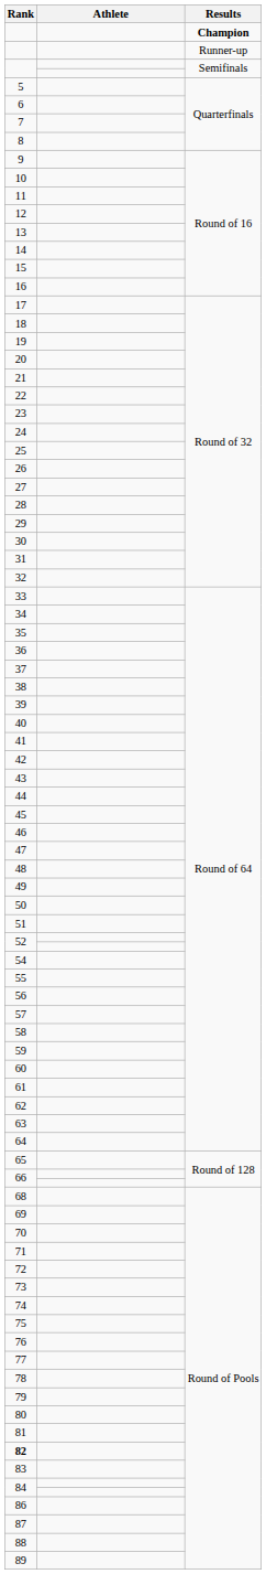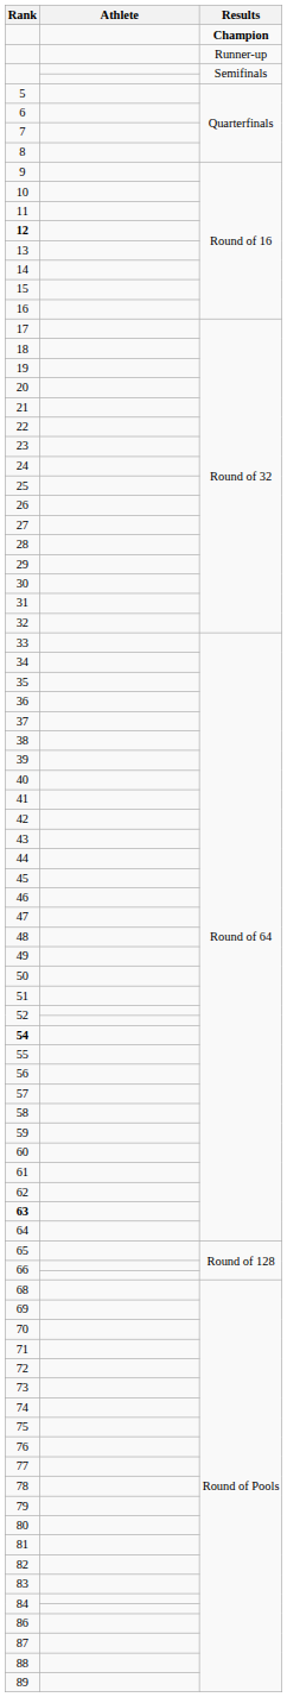 <table class="wikitable" style="text-align:center">
 <tr>
 <th width="25">Rank</th>
 <th width="200">Athlete</th>
 <th width="100">Results</th>
 </tr>
 <tr>
 <td></td>
 <td align="left"><strong></strong></td>
 <td><strong>Champion</strong></td>
 </tr>
 <tr>
 <td></td>
 <td align="left"></td>
 <td>Runner-up</td>
 </tr>
 <tr>
 <td rowspan="2"></td>
 <td align="left"></td>
 <td rowspan="2">Semifinals</td>
 </tr>
 <tr>
 <td align="left"></td>
 </tr>
 <tr>
 <td>5</td>
 <td align="left"></td>
 <td rowspan="4">Quarterfinals</td>
 </tr>
 <tr>
 <td>6</td>
 <td align="left"></td>
 </tr>
 <tr>
 <td>7</td>
 <td align="left"></td>
 </tr>
 <tr>
 <td>8</td>
 <td align="left"></td>
 </tr>
 <tr>
 <td>9</td>
 <td align="left"></td>
 <td rowspan="8">Round of 16</td>
 </tr>
 <tr>
 <td>10</td>
 <td align="left"></td>
 </tr>
 <tr>
 <td>11</td>
 <td align="left"></td>
 </tr>
 <tr>
-<td>12</td>
+<td><strong>12</strong></td>
 <td align="left"></td>
 </tr>
 <tr>
 <td>13</td>
 <td align="left"></td>
 </tr>
 <tr>
 <td>14</td>
 <td align="left"></td>
 </tr>
 <tr>
 <td>15</td>
 <td align="left"></td>
 </tr>
 <tr>
 <td>16</td>
 <td align="left"></td>
 </tr>
 <tr>
 <td>17</td>
 <td align="left"></td>
 <td rowspan="16">Round of 32</td>
 </tr>
 <tr>
 <td>18</td>
 <td align="left"></td>
 </tr>
 <tr>
 <td>19</td>
 <td align="left"></td>
 </tr>
 <tr>
 <td>20</td>
 <td align="left"></td>
 </tr>
 <tr>
 <td>21</td>
 <td align="left"></td>
 </tr>
 <tr>
 <td>22</td>
 <td align="left"></td>
 </tr>
 <tr>
 <td>23</td>
 <td align="left"></td>
 </tr>
 <tr>
 <td>24</td>
 <td align="left"></td>
 </tr>
 <tr>
 <td>25</td>
 <td align="left"></td>
 </tr>
 <tr>
 <td>26</td>
 <td align="left"></td>
 </tr>
 <tr>
 <td>27</td>
 <td align="left"></td>
 </tr>
 <tr>
 <td>28</td>
 <td align="left"></td>
 </tr>
 <tr>
 <td>29</td>
 <td align="left"></td>
 </tr>
 <tr>
 <td>30</td>
 <td align="left"></td>
 </tr>
 <tr>
 <td>31</td>
 <td align="left"></td>
 </tr>
 <tr>
 <td>32</td>
 <td align="left"></td>
 </tr>
 <tr>
 <td>33</td>
 <td align="left"></td>
 <td rowspan="32">Round of 64</td>
 </tr>
 <tr>
 <td>34</td>
 <td align="left"></td>
 </tr>
 <tr>
 <td>35</td>
 <td align="left"></td>
 </tr>
 <tr>
 <td>36</td>
 <td align="left"></td>
 </tr>
 <tr>
 <td>37</td>
 <td align="left"></td>
 </tr>
 <tr>
 <td>38</td>
 <td align="left"></td>
 </tr>
 <tr>
 <td>39</td>
 <td align="left"></td>
 </tr>
 <tr>
 <td>40</td>
 <td align="left"></td>
 </tr>
 <tr>
 <td>41</td>
 <td align="left"></td>
 </tr>
 <tr>
 <td>42</td>
 <td align="left"></td>
 </tr>
 <tr>
 <td>43</td>
 <td align="left"></td>
 </tr>
 <tr>
 <td>44</td>
 <td align="left"></td>
 </tr>
 <tr>
 <td>45</td>
 <td align="left"></td>
 </tr>
 <tr>
 <td>46</td>
 <td align="left"></td>
 </tr>
 <tr>
 <td>47</td>
 <td align="left"></td>
 </tr>
 <tr>
 <td>48</td>
 <td align="left"></td>
 </tr>
 <tr>
 <td>49</td>
 <td align="left"></td>
 </tr>
 <tr>
 <td>50</td>
 <td align="left"></td>
 </tr>
 <tr>
 <td>51</td>
 <td align="left"></td>
 </tr>
 <tr>
 <td rowspan="2">52</td>
 <td align="left"></td>
 </tr>
 <tr>
 <td align="left"></td>
 </tr>
 <tr>
-<td>54</td>
+<td><strong>54</strong></td>
 <td align="left"></td>
 </tr>
 <tr>
 <td>55</td>
 <td align="left"></td>
 </tr>
 <tr>
 <td>56</td>
 <td align="left"></td>
 </tr>
 <tr>
 <td>57</td>
 <td align="left"></td>
 </tr>
 <tr>
 <td>58</td>
 <td align="left"></td>
 </tr>
 <tr>
 <td>59</td>
 <td align="left"></td>
 </tr>
 <tr>
 <td>60</td>
 <td align="left"></td>
 </tr>
 <tr>
 <td>61</td>
 <td align="left"></td>
 </tr>
 <tr>
 <td>62</td>
 <td align="left"></td>
 </tr>
 <tr>
-<td>63</td>
+<td><strong>63</strong></td>
 <td align="left"></td>
 </tr>
 <tr>
 <td>64</td>
 <td align="left"></td>
 </tr>
 <tr>
 <td>65</td>
 <td align="left"></td>
 <td rowspan="3">Round of 128</td>
 </tr>
 <tr>
 <td rowspan="2">66</td>
 <td align="left"></td>
 </tr>
 <tr>
 <td align="left"></td>
 </tr>
 <tr>
 <td>68</td>
 <td align="left"></td>
 <td rowspan="22">Round of Pools</td>
 </tr>
 <tr>
 <td>69</td>
 <td align="left"></td>
 </tr>
 <tr>
 <td>70</td>
 <td align="left"></td>
 </tr>
 <tr>
 <td>71</td>
 <td align="left"></td>
 </tr>
 <tr>
 <td>72</td>
 <td align="left"></td>
 </tr>
 <tr>
 <td>73</td>
 <td align="left"></td>
 </tr>
 <tr>
 <td>74</td>
 <td align="left"></td>
 </tr>
 <tr>
 <td>75</td>
 <td align="left"></td>
 </tr>
 <tr>
 <td>76</td>
 <td align="left"></td>
 </tr>
 <tr>
 <td>77</td>
 <td align="left"></td>
 </tr>
 <tr>
 <td>78</td>
 <td align="left"></td>
 </tr>
 <tr>
 <td>79</td>
 <td align="left"></td>
 </tr>
 <tr>
 <td>80</td>
 <td align="left"></td>
 </tr>
 <tr>
 <td>81</td>
 <td align="left"></td>
 </tr>
 <tr>
-<td><strong>82</strong></td>
+<td>82</td>
 <td align="left"></td>
 </tr>
 <tr>
 <td>83</td>
 <td align="left"></td>
 </tr>
 <tr>
 <td rowspan="2">84</td>
 <td align="left"></td>
 </tr>
 <tr>
 <td align="left"></td>
 </tr>
 <tr>
 <td>86</td>
 <td align="left"></td>
 </tr>
 <tr>
 <td>87</td>
 <td align="left"></td>
 </tr>
 <tr>
 <td>88</td>
 <td align="left"></td>
 </tr>
 <tr>
 <td>89</td>
 <td align="left"></td>
 </tr>
 </table>
